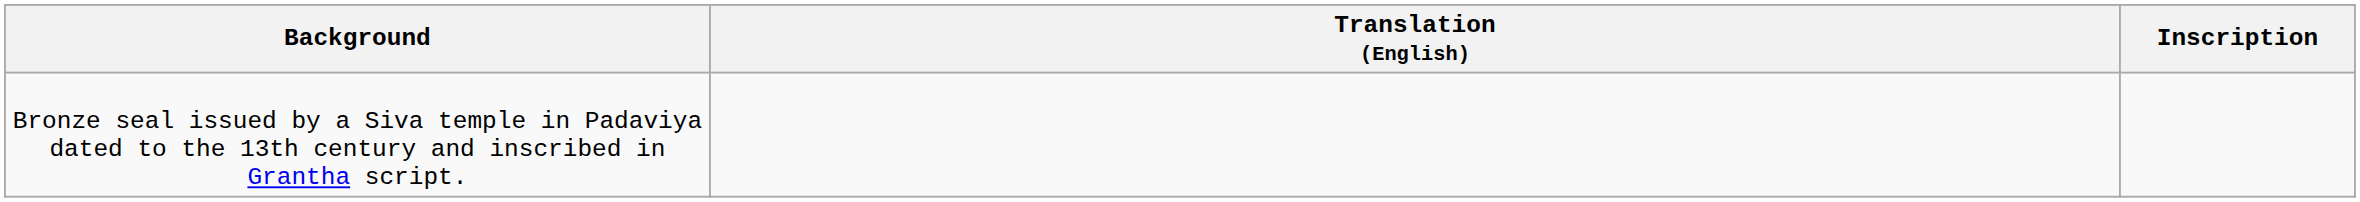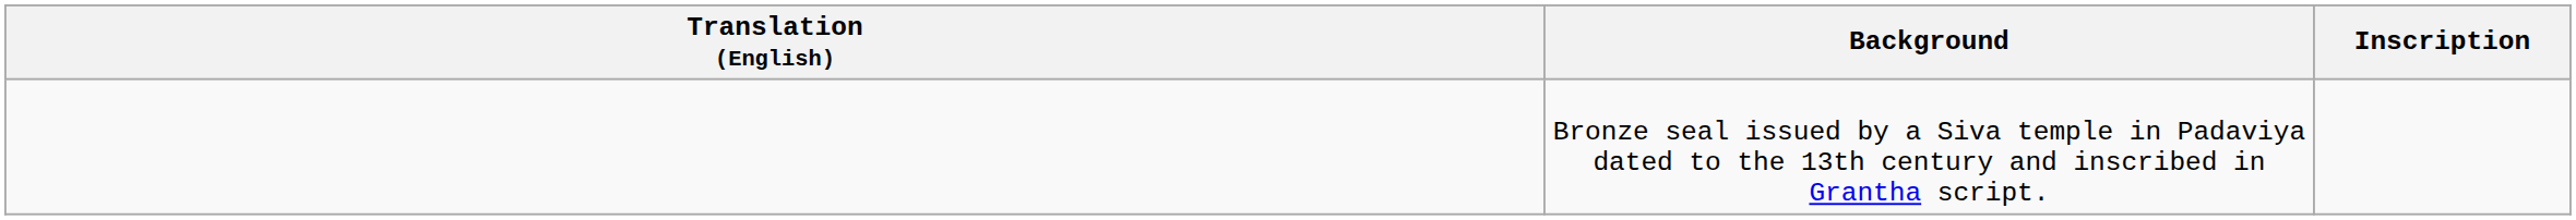 <table class="wikitable centre">
 <tr>
+<th>Translation<br><small>(English)</small></th>
 <th scope="col" align=left>Background<br></th>
-<th>Translation<br><small>(English)</small></th>
 <th>Inscription<br></th>
 </tr>
 <tr>
+<td align=left><br></td>
 <td align=center width="30%"><br>Bronze seal issued by a Siva temple in Padaviya dated to the 13th century and inscribed in <a href='#'>Grantha</a> script.</td>
-<td align=left><br></td>
 <td align=center width="10%"><br></td>
 </tr>
 </table>
